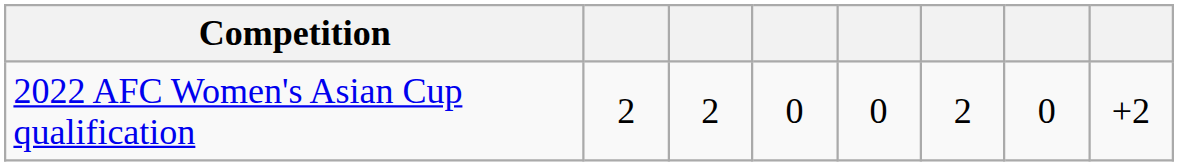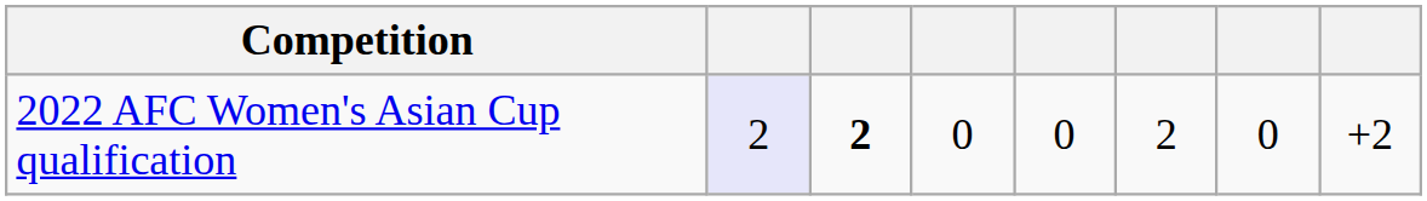 <table class="wikitable" style="text-align: center;">
 <tr>
 <th width=250>Competition</th>
 <th width=30></th>
 <th width=30></th>
 <th width=30></th>
 <th width=30></th>
 <th width=30></th>
 <th width=30></th>
 <th width=30></th>
 </tr>
 <tr>
 <td align="left"><a href='#'>2022 AFC Women's Asian Cup qualification</a></td>
-<td>2</td>
-<td>2</td>
+<td style="background: lavender;">2</td>
+<td><strong>2</strong></td>
 <td>0</td>
 <td>0</td>
 <td>2</td>
 <td>0</td>
 <td>+2</td>
 </tr>
 </table>
